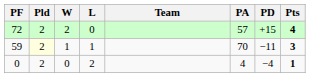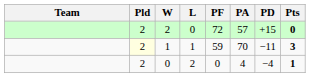 <table class=wikitable style="text-align:center">
 <tr>
-<th width=30>PF</th>
+<th width=180>Team</th>
 <th width=30>Pld</th>
 <th width=30>W</th>
 <th width=30>L</th>
-<th width=180>Team</th>
+<th width=30>PF</th>
 <th width=30>PA</th>
 <th width=30>PD</th>
 <th width=30>Pts</th>
 </tr>
 <tr bgcolor="#ccffcc">
-<td>72</td>
+<td align="left"></td>
 <td>2</td>
 <td>2</td>
 <td>0</td>
-<td align="left"></td>
+<td>72</td>
 <td>57</td>
 <td>+15</td>
-<td><strong>4</strong></td>
+<td><strong>0</strong></td>
 </tr>
 <tr>
-<td>59</td>
+<td align="left"></td>
 <td style="background: lightyellow;">2</td>
 <td>1</td>
 <td>1</td>
-<td align="left"></td>
+<td>59</td>
 <td>70</td>
 <td>−11</td>
 <td><strong>3</strong></td>
 </tr>
 <tr>
+<td align="left"></td>
+<td>2</td>
 <td>0</td>
 <td>2</td>
 <td>0</td>
-<td>2</td>
-<td align="left"></td>
 <td>4</td>
 <td>−4</td>
 <td><strong>1</strong></td>
 </tr>
 </table>
